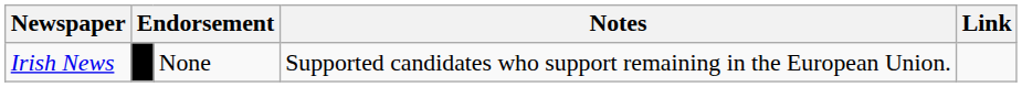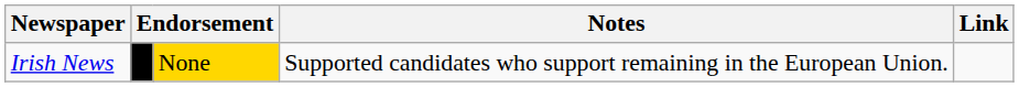 <table class="wikitable">
 <tr>
 <th>Newspaper</th>
 <th colspan=2>Endorsement</th>
 <th>Notes</th>
 <th>Link</th>
 </tr>
 <tr>
 <td><em><a href='#'>Irish News</a></em></td>
 <td style="background-color: #000000"></td>
-<td>None</td>
+<td style="background: gold;">None</td>
 <td>Supported candidates who support remaining in the European Union.</td>
 <td></td>
 </tr>
 </table>
